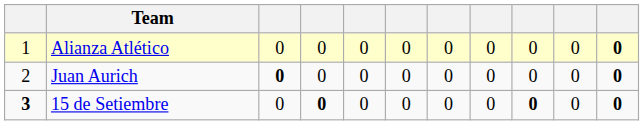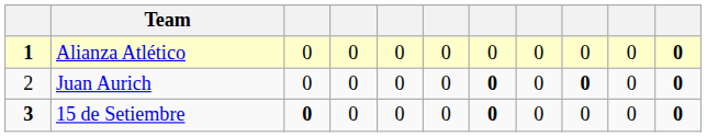 <table class="wikitable" style="text-align:center;">
 <tr>
 <th width="30"></th>
 <th width="180">Team</th>
 <th width="30"></th>
 <th width="30"></th>
 <th width="30"></th>
 <th width="30"></th>
 <th width="30"></th>
 <th width="30"></th>
 <th width="30"></th>
 <th width="30"></th>
 <th width="30"></th>
 </tr>
 <tr bgcolor=ffffcc>
-<td>1</td>
+<td><strong>1</strong></td>
 <td align=left><a href='#'>Alianza Atlético</a></td>
 <td>0</td>
 <td>0</td>
 <td>0</td>
 <td>0</td>
 <td>0</td>
 <td>0</td>
 <td>0</td>
 <td>0</td>
 <td><strong>0</strong></td>
 </tr>
 <tr bgcolor=>
 <td>2</td>
 <td align=left><a href='#'>Juan Aurich</a></td>
-<td><strong>0</strong></td>
-<td>0</td>
-<td>0</td>
-<td>0</td>
-<td>0</td>
-<td>0</td>
-<td>0</td>
-<td>0</td>
-<td><strong>0</strong></td>
-</tr>
-<tr bgcolor=>
-<td><strong>3</strong></td>
-<td align=left><a href='#'>15 de Setiembre</a></td>
-<td>0</td>
-<td><strong>0</strong></td>
 <td>0</td>
 <td>0</td>
 <td>0</td>
 <td>0</td>
 <td><strong>0</strong></td>
 <td>0</td>
 <td><strong>0</strong></td>
+<td>0</td>
+<td><strong>0</strong></td>
+</tr>
+<tr bgcolor=>
+<td><strong>3</strong></td>
+<td align=left><a href='#'>15 de Setiembre</a></td>
+<td><strong>0</strong></td>
+<td>0</td>
+<td>0</td>
+<td>0</td>
+<td><strong>0</strong></td>
+<td>0</td>
+<td>0</td>
+<td>0</td>
+<td><strong>0</strong></td>
 </tr>
 </table>
